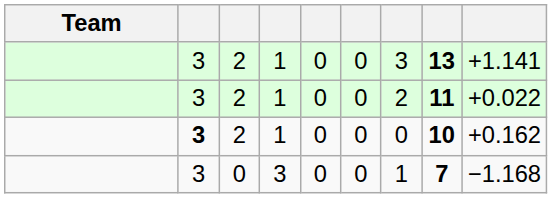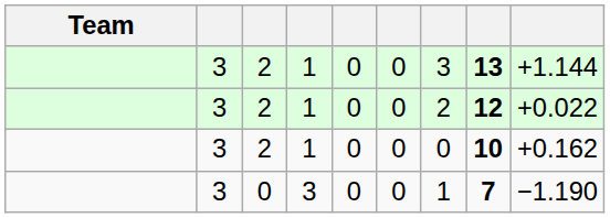 <table class="wikitable" style="text-align:center;">
 <tr>
 <th width="110">Team</th>
 <th width="20"></th>
 <th width="20"></th>
 <th width="20"></th>
 <th width="20"></th>
 <th width="20"></th>
 <th width="20"></th>
 <th width="20"></th>
 <th width="50"><a href='#'></a></th>
 </tr>
 <tr bgcolor="#ddffdd">
 <td align=left></td>
 <td>3</td>
 <td>2</td>
 <td>1</td>
 <td>0</td>
 <td>0</td>
 <td>3</td>
 <td><strong>13</strong></td>
-<td>+1.141</td>
+<td>+1.144</td>
 </tr>
 <tr bgcolor="#ddffdd">
 <td align=left></td>
 <td>3</td>
 <td>2</td>
 <td>1</td>
 <td>0</td>
 <td>0</td>
 <td>2</td>
-<td><strong>11</strong></td>
+<td><strong>12</strong></td>
 <td>+0.022</td>
 </tr>
 <tr>
 <td align=left></td>
-<td><strong>3</strong></td>
+<td>3</td>
 <td>2</td>
 <td>1</td>
 <td>0</td>
 <td>0</td>
 <td>0</td>
 <td><strong>10</strong></td>
 <td>+0.162</td>
 </tr>
 <tr>
 <td align=left></td>
 <td>3</td>
 <td>0</td>
 <td>3</td>
 <td>0</td>
 <td>0</td>
 <td>1</td>
 <td><strong>7</strong></td>
-<td>−1.168</td>
+<td>−1.190</td>
 </tr>
 </table>
